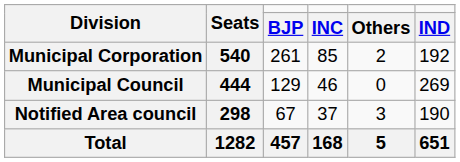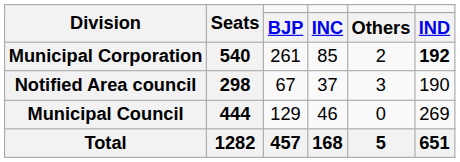 <table class="wikitable" style="text-align:center;">
 <tr>
 <th rowspan="2">Division</th>
 <th rowspan="2">Seats</th>
 <td></td>
 <td></td>
 <td></td>
 <td></td>
 </tr>
 <tr>
 <th><a href='#'>BJP</a></th>
 <th><a href='#'>INC</a></th>
 <th>Others</th>
 <th><a href='#'>IND</a></th>
 </tr>
 <tr>
 <th>Municipal Corporation</th>
 <th>540</th>
 <td style="text-align:center;" style="background:">261</td>
 <td style="text-align:center;">85</td>
 <td style="text-align:center;">2</td>
-<td style="text-align:center;">192</td>
+<td style="text-align:center;"><strong>192</strong></td>
+</tr>
+<tr>
+<th>Notified Area council</th>
+<th>298</th>
+<td style="text-align:center;">67</td>
+<td style="text-align:center;">37</td>
+<td style="text-align:center;">3</td>
+<td style="text-align:center;" style="background:">190</td>
 </tr>
 <tr>
 <th>Municipal Council</th>
 <th>444</th>
 <td style="text-align:center;">129</td>
 <td style="text-align:center;">46</td>
 <td style="text-align:center;">0</td>
 <td style="text-align:center;" style="background:">269</td>
 </tr>
 <tr>
-<th>Notified Area council</th>
-<th>298</th>
-<td style="text-align:center;">67</td>
-<td style="text-align:center;">37</td>
-<td style="text-align:center;">3</td>
-<td style="text-align:center;" style="background:">190</td>
-</tr>
-<tr>
 <th>Total</th>
 <th>1282</th>
 <th>457</th>
 <th>168</th>
 <th>5</th>
 <th style="background:">651</th>
 </tr>
 </table>
